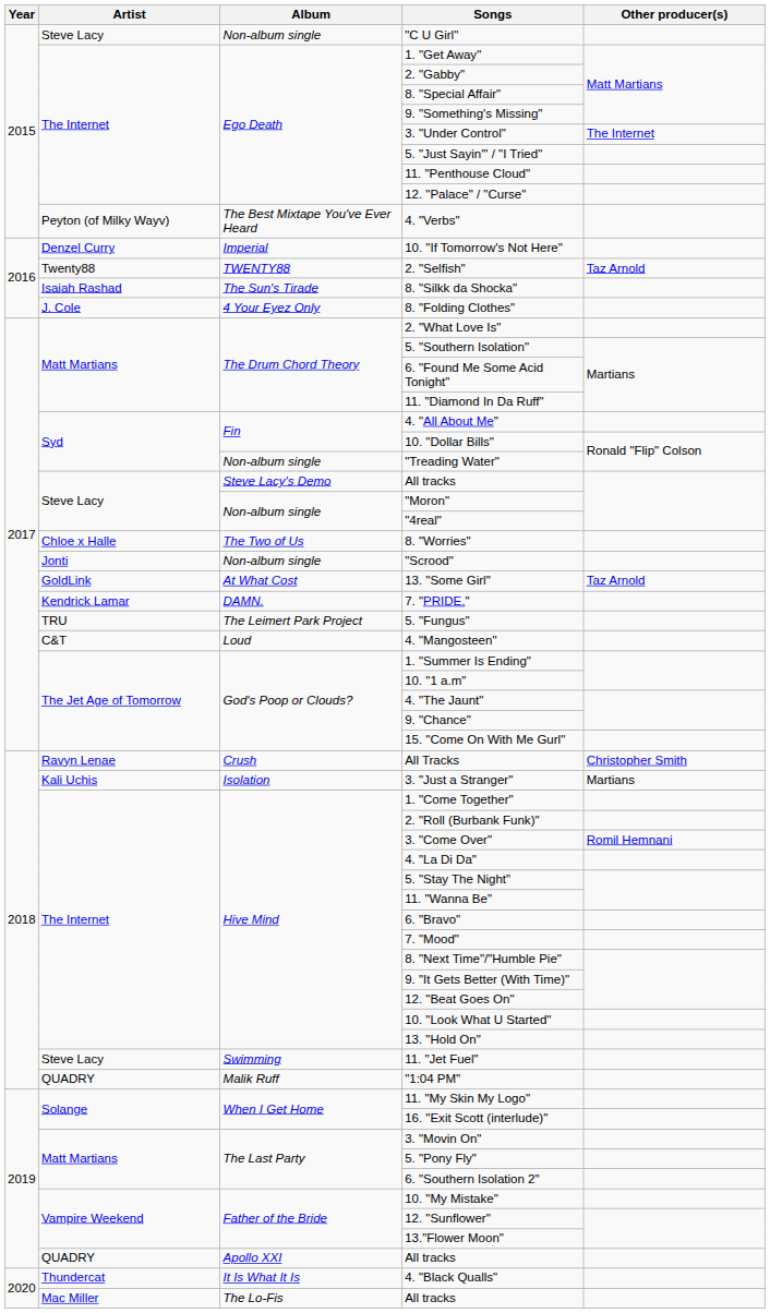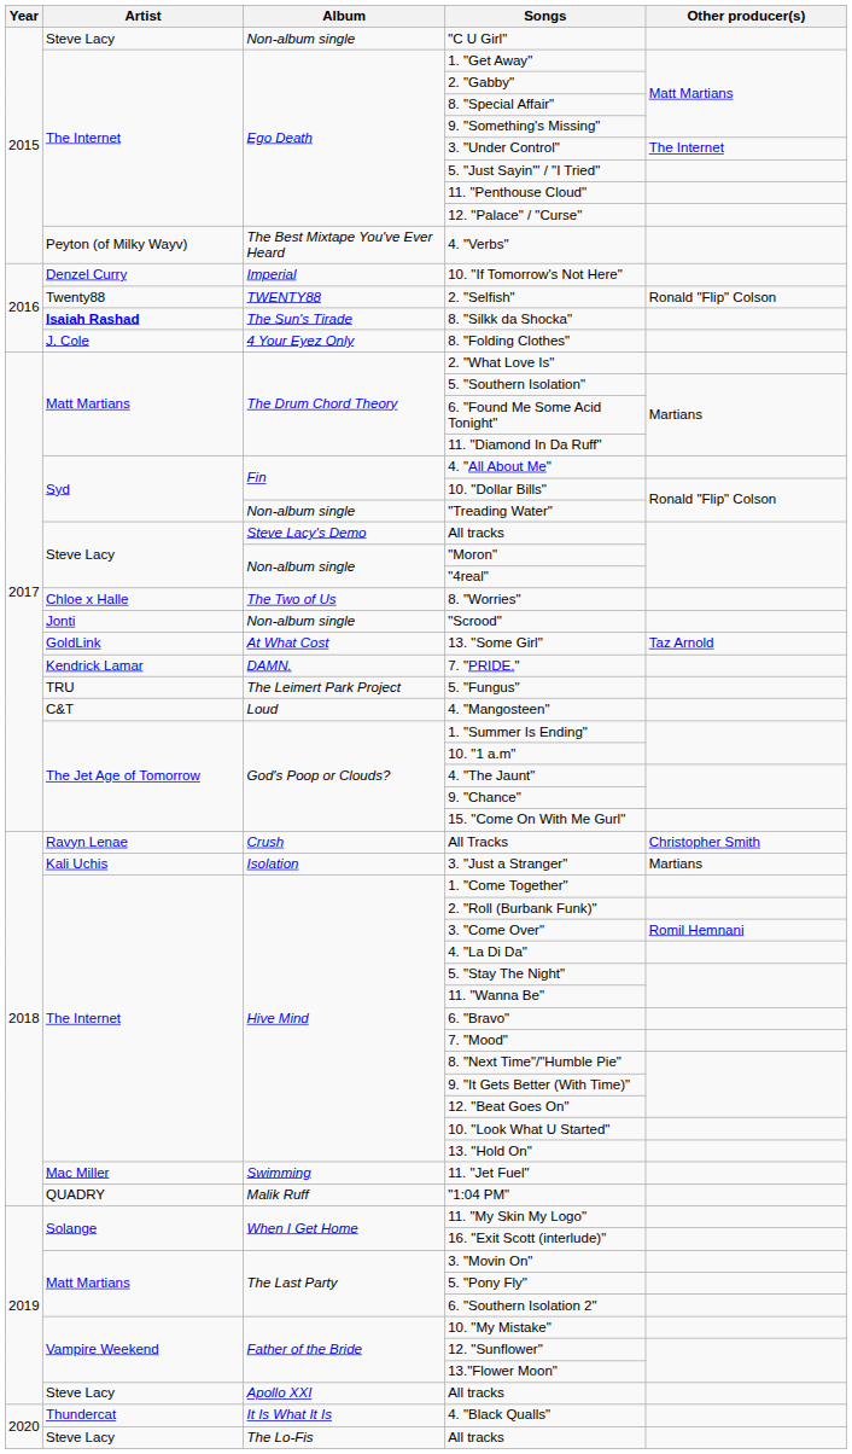 <table class="wikitable" style="text=align:center;">
 <tr>
 <th scope="col" style="width:2em;">Year</th>
 <th scope="col" style="width:14em;">Artist</th>
 <th scope="col" style="width:14em;">Album</th>
 <th scope="col" style="width:14em;">Songs</th>
 <th scope="col" style="width:14em;">Other producer(s)</th>
 </tr>
 <tr>
 <td rowspan="10">2015</td>
 <td>Steve Lacy</td>
 <td><em>Non-album single</em></td>
 <td>"C U Girl"</td>
 <td></td>
 </tr>
 <tr>
 <td rowspan="8"><a href='#'>The Internet</a></td>
 <td rowspan="8"><em><a href='#'>Ego Death</a></em></td>
 <td>1. "Get Away"</td>
 <td rowspan="4"><a href='#'>Matt Martians</a></td>
 </tr>
 <tr>
 <td>2. "Gabby" </td>
 </tr>
 <tr>
 <td>8. "Special Affair"</td>
 </tr>
 <tr>
 <td>9. "Something's Missing"</td>
 </tr>
 <tr>
 <td>3. "Under Control"</td>
 <td><a href='#'>The Internet</a></td>
 </tr>
 <tr>
 <td>5. "Just Sayin'" / "I Tried"</td>
 <td></td>
 </tr>
 <tr>
 <td>11. "Penthouse Cloud"</td>
 <td></td>
 </tr>
 <tr>
 <td>12. "Palace" / "Curse" </td>
 <td></td>
 </tr>
 <tr>
 <td>Peyton (of Milky Wayv)</td>
 <td><em>The Best Mixtape You've Ever Heard</em></td>
 <td>4. "Verbs"</td>
 <td></td>
 </tr>
 <tr>
 <td rowspan="4">2016</td>
 <td><a href='#'>Denzel Curry</a></td>
 <td><em><a href='#'>Imperial</a></em></td>
 <td>10. "If Tomorrow's Not Here" </td>
 <td></td>
 </tr>
 <tr>
 <td>Twenty88</td>
 <td><em><a href='#'>TWENTY88</a></em></td>
 <td>2. "Selfish"</td>
-<td><a href='#'>Taz Arnold</a></td>
+<td>Ronald "Flip" Colson</td>
 </tr>
 <tr>
-<td><a href='#'>Isaiah Rashad</a></td>
+<td><strong><a href='#'>Isaiah Rashad</a></strong></td>
 <td><em><a href='#'>The Sun's Tirade</a></em></td>
 <td>8. "Silkk da Shocka" </td>
 <td></td>
 </tr>
 <tr>
 <td><a href='#'>J. Cole</a></td>
 <td><em><a href='#'>4 Your Eyez Only</a></em></td>
 <td>8. "Folding Clothes"</td>
 <td></td>
 </tr>
 <tr>
 <td rowspan="21">2017</td>
 <td rowspan="4"><a href='#'>Matt Martians</a></td>
 <td rowspan="4"><em><a href='#'>The Drum Chord Theory</a></em></td>
 <td>2. "What Love Is"</td>
 <td></td>
 </tr>
 <tr>
 <td>5. "Southern Isolation"</td>
 <td rowspan="3">Martians</td>
 </tr>
 <tr>
 <td>6. "Found Me Some Acid Tonight" </td>
 </tr>
 <tr>
 <td>11. "Diamond In Da Ruff"</td>
 </tr>
 <tr>
 <td rowspan="3"><a href='#'>Syd</a></td>
 <td rowspan="2"><em><a href='#'>Fin</a></em></td>
 <td>4. "<a href='#'>All About Me</a>"</td>
 <td></td>
 </tr>
 <tr>
 <td>10. "Dollar Bills" </td>
 <td rowspan="2">Ronald "Flip" Colson</td>
 </tr>
 <tr>
 <td><em>Non-album single</em></td>
 <td>"Treading Water"</td>
 </tr>
 <tr>
 <td rowspan = "3">Steve Lacy</td>
 <td><em><a href='#'>Steve Lacy's Demo</a></em></td>
 <td>All tracks</td>
 <td rowspan="3"></td>
 </tr>
 <tr>
 <td rowspan="2"><em>Non-album single</em></td>
 <td>"Moron"</td>
 </tr>
 <tr>
 <td>"4real"</td>
 </tr>
 <tr>
 <td><a href='#'>Chloe x Halle</a></td>
 <td><em><a href='#'>The Two of Us</a></em></td>
 <td>8. "Worries"</td>
 <td></td>
 </tr>
 <tr>
 <td><a href='#'>Jonti</a></td>
 <td><em>Non-album single</em></td>
 <td>"Scrood" </td>
 <td></td>
 </tr>
 <tr>
 <td><a href='#'>GoldLink</a></td>
 <td><em><a href='#'>At What Cost</a></em></td>
 <td>13. "Some Girl" </td>
 <td><a href='#'>Taz Arnold</a></td>
 </tr>
 <tr>
 <td><a href='#'>Kendrick Lamar</a></td>
 <td><em><a href='#'>DAMN.</a></em></td>
 <td>7. "<a href='#'>PRIDE.</a>"</td>
 <td></td>
 </tr>
 <tr>
 <td>TRU</td>
 <td><em>The Leimert Park Project</em></td>
 <td>5. "Fungus" </td>
 <td></td>
 </tr>
 <tr>
 <td>C&T</td>
 <td><em>Loud</em></td>
 <td>4. "Mangosteen" </td>
 <td></td>
 </tr>
 <tr>
 <td rowspan="5"><a href='#'>The Jet Age of Tomorrow</a></td>
 <td rowspan="5"><em>God's Poop or Clouds?</em></td>
 <td>1. "Summer Is Ending"</td>
 <td rowspan="2"></td>
 </tr>
 <tr>
 <td>10. "1 a.m"</td>
 </tr>
 <tr>
 <td>4. "The Jaunt"</td>
 <td rowspan="2"></td>
 </tr>
 <tr>
 <td>9. "Chance" </td>
 </tr>
 <tr>
 <td>15. "Come On With Me Gurl"</td>
 <td></td>
 </tr>
 <tr>
 <td rowspan="17">2018</td>
 <td><a href='#'>Ravyn Lenae</a></td>
 <td><em><a href='#'>Crush</a></em></td>
 <td>All Tracks </td>
 <td> <a href='#'>Christopher Smith</a></td>
 </tr>
 <tr>
 <td><a href='#'>Kali Uchis</a></td>
 <td><em><a href='#'>Isolation</a></em></td>
 <td>3. "Just a Stranger" </td>
 <td>Martians</td>
 </tr>
 <tr>
 <td rowspan="13"><a href='#'>The Internet</a></td>
 <td rowspan="13"><em><a href='#'>Hive Mind</a></em></td>
 <td>1. "Come Together"</td>
 <td></td>
 </tr>
 <tr>
 <td>2. "Roll (Burbank Funk)"</td>
 <td></td>
 </tr>
 <tr>
 <td>3. "Come Over"</td>
 <td><a href='#'>Romil Hemnani</a></td>
 </tr>
 <tr>
 <td>4. "La Di Da"</td>
 <td></td>
 </tr>
 <tr>
 <td>5. "Stay The Night"</td>
 <td rowspan="2"></td>
 </tr>
 <tr>
 <td>11. "Wanna Be"</td>
 </tr>
 <tr>
 <td>6. "Bravo"</td>
 <td></td>
 </tr>
 <tr>
 <td>7. "Mood"</td>
 <td></td>
 </tr>
 <tr>
 <td>8. "Next Time"/"Humble Pie"</td>
 <td rowspan="3"></td>
 </tr>
 <tr>
 <td>9. "It Gets Better (With Time)"</td>
 </tr>
 <tr>
 <td>12. "Beat Goes On"</td>
 </tr>
 <tr>
 <td>10. "Look What U Started"</td>
 <td></td>
 </tr>
 <tr>
 <td>13. "Hold On"</td>
 <td></td>
 </tr>
 <tr>
-<td>Steve Lacy</td>
+<td><a href='#'>Mac Miller</a></td>
 <td><em><a href='#'>Swimming</a></em></td>
 <td>11. "Jet Fuel"</td>
 <td></td>
 </tr>
 <tr>
 <td>QUADRY</td>
 <td><em>Malik Ruff</em></td>
 <td>"1:04 PM"</td>
 <td></td>
 </tr>
 <tr>
 <td rowspan="9">2019</td>
 <td rowspan="2"><a href='#'>Solange</a></td>
 <td rowspan="2"><em><a href='#'>When I Get Home</a></em></td>
 <td>11. "My Skin My Logo"</td>
 <td></td>
 </tr>
 <tr>
 <td>16. "Exit Scott (interlude)"</td>
 <td></td>
 </tr>
 <tr>
 <td rowspan="3"><a href='#'>Matt Martians</a></td>
 <td rowspan="3"><em>The Last Party</em></td>
 <td>3. "Movin On"</td>
 <td></td>
 </tr>
 <tr>
 <td>5. "Pony Fly" </td>
 <td></td>
 </tr>
 <tr>
 <td>6. "Southern Isolation 2"</td>
 <td></td>
 </tr>
 <tr>
 <td rowspan="3"><a href='#'>Vampire Weekend</a></td>
 <td rowspan="3"><em><a href='#'>Father of the Bride</a></em></td>
 <td>10. "My Mistake"</td>
 <td></td>
 </tr>
 <tr>
 <td>12. "Sunflower" </td>
 <td rowspan="2"></td>
 </tr>
 <tr>
 <td>13."Flower Moon" </td>
 </tr>
 <tr>
-<td>QUADRY</td>
+<td>Steve Lacy</td>
 <td><em><a href='#'>Apollo XXI</a></em></td>
 <td>All tracks</td>
 <td></td>
 </tr>
 <tr>
 <td rowspan="2">2020</td>
 <td><a href='#'>Thundercat</a></td>
 <td><em><a href='#'>It Is What It Is</a></em></td>
 <td>4. "Black Qualls" </td>
 <td></td>
 </tr>
 <tr>
-<td><a href='#'>Mac Miller</a></td>
+<td>Steve Lacy</td>
 <td><em>The Lo-Fis</em></td>
 <td>All tracks</td>
 <td></td>
 </tr>
 </table>
